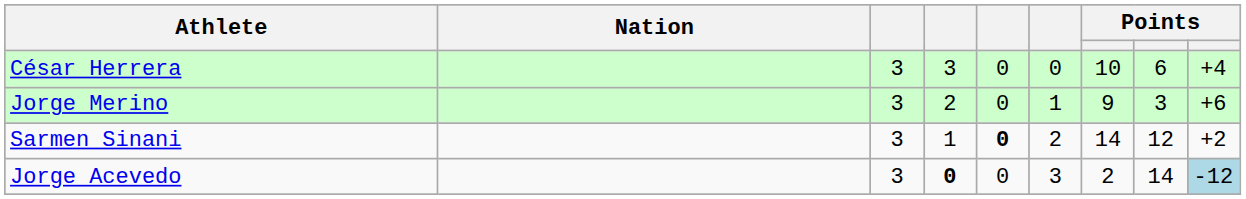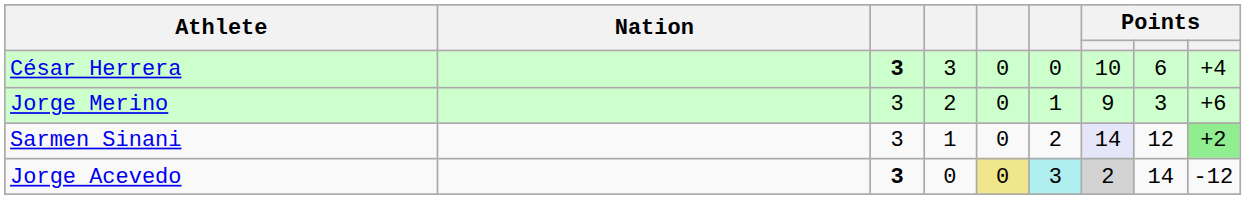 <table class="wikitable" style="text-align: center; font-size:100% ">
 <tr>
 <th rowspan=2 width=250>Athlete</th>
 <th rowspan=2 width=250>Nation</th>
 <th rowspan=2 width=25></th>
 <th rowspan=2 width=25></th>
 <th rowspan=2 width=25></th>
 <th rowspan=2 width=25></th>
 <th colspan=3>Points</th>
 </tr>
 <tr>
 <th width=25></th>
 <th width=25></th>
 <th width=25></th>
 </tr>
 <tr bgcolor="ccffcc">
 <td align=left><a href='#'>César Herrera</a></td>
 <td align=left></td>
-<td>3</td>
+<td><strong>3</strong></td>
 <td>3</td>
 <td>0</td>
 <td>0</td>
 <td>10</td>
 <td>6</td>
 <td>+4</td>
 </tr>
 <tr bgcolor="ccffcc">
 <td align=left><a href='#'>Jorge Merino</a></td>
 <td align=left></td>
 <td>3</td>
 <td>2</td>
 <td>0</td>
 <td>1</td>
 <td>9</td>
 <td>3</td>
 <td>+6</td>
 </tr>
 <tr>
 <td align=left><a href='#'>Sarmen Sinani</a></td>
 <td align=left></td>
 <td>3</td>
 <td>1</td>
-<td><strong>0</strong></td>
+<td>0</td>
 <td>2</td>
-<td>14</td>
+<td style="background: lavender;">14</td>
 <td>12</td>
-<td>+2</td>
+<td style="background: lightgreen;">+2</td>
 </tr>
 <tr>
 <td align=left><a href='#'>Jorge Acevedo</a></td>
 <td align=left></td>
-<td>3</td>
-<td><strong>0</strong></td>
+<td><strong>3</strong></td>
 <td>0</td>
-<td>3</td>
-<td>2</td>
+<td style="background: khaki;">0</td>
+<td style="background: paleturquoise;">3</td>
+<td style="background: lightgrey;">2</td>
 <td>14</td>
-<td style="background: lightblue;">-12</td>
+<td>-12</td>
 </tr>
 </table>
